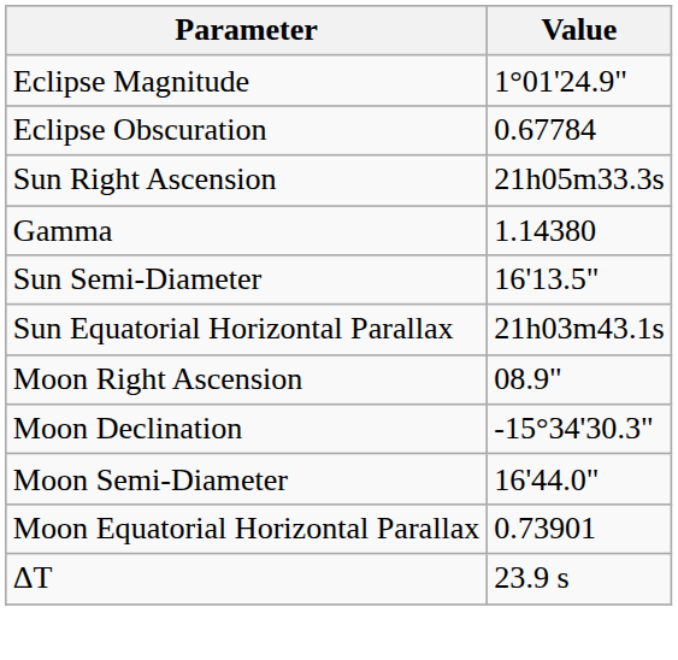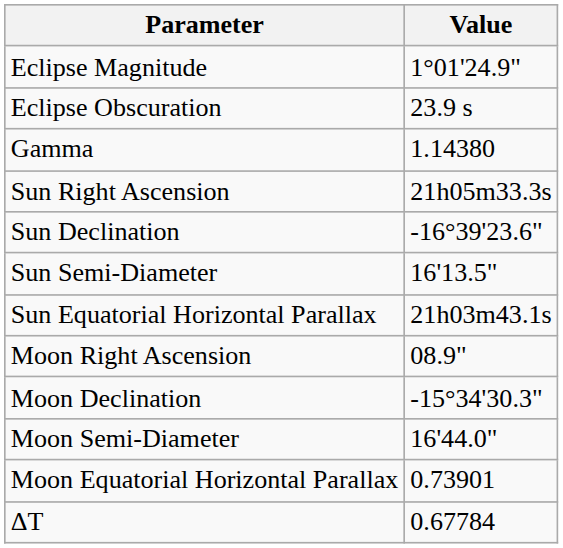 <table class="wikitable">
 <tr>
 <th>Parameter</th>
 <th>Value</th>
 </tr>
 <tr>
 <td>Eclipse Magnitude</td>
 <td>1°01'24.9"</td>
 </tr>
 <tr>
 <td>Eclipse Obscuration</td>
-<td>0.67784</td>
+<td>23.9 s</td>
+</tr>
+<tr>
+<td>Gamma</td>
+<td>1.14380</td>
 </tr>
 <tr>
 <td>Sun Right Ascension</td>
 <td>21h05m33.3s</td>
 </tr>
 <tr>
-<td>Gamma</td>
-<td>1.14380</td>
+<td>Sun Declination</td>
+<td>-16°39'23.6"</td>
 </tr>
 <tr>
 <td>Sun Semi-Diameter</td>
 <td>16'13.5"</td>
 </tr>
 <tr>
 <td>Sun Equatorial Horizontal Parallax</td>
 <td>21h03m43.1s</td>
 </tr>
 <tr>
 <td>Moon Right Ascension</td>
 <td>08.9"</td>
 </tr>
 <tr>
 <td>Moon Declination</td>
 <td>-15°34'30.3"</td>
 </tr>
 <tr>
 <td>Moon Semi-Diameter</td>
 <td>16'44.0"</td>
 </tr>
 <tr>
 <td>Moon Equatorial Horizontal Parallax</td>
 <td>0.73901</td>
 </tr>
 <tr>
 <td>ΔT</td>
-<td>23.9 s</td>
+<td>0.67784</td>
 </tr>
 </table>
